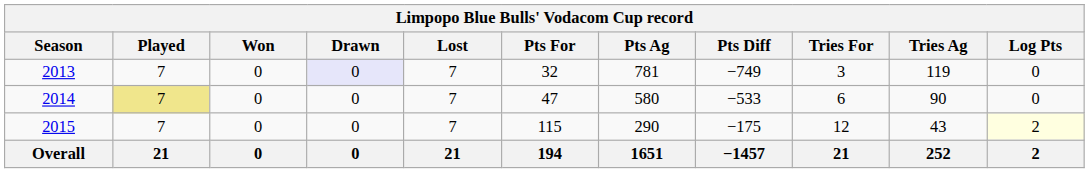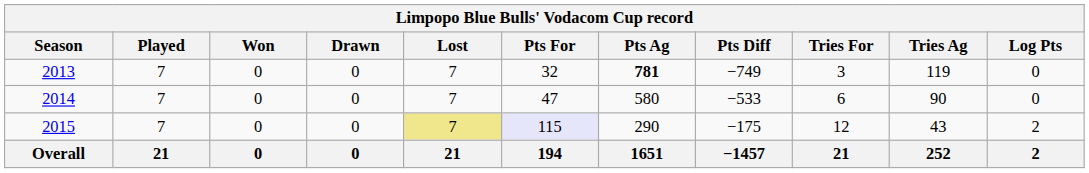 <table class="wikitable collapsible" style="text-align:center; font-size:90%; width:75%;">
 <tr>
 <th colspan=11>Limpopo Blue Bulls' Vodacom Cup record</th>
 </tr>
 <tr>
 <th style="width:10%;">Season</th>
 <th style="width:9%;">Played</th>
 <th style="width:9%;">Won</th>
 <th style="width:9%;">Drawn</th>
 <th style="width:9%;">Lost</th>
 <th style="width:9%;">Pts For</th>
 <th style="width:9%;">Pts Ag</th>
 <th style="width:9%;">Pts Diff</th>
 <th style="width:9%;">Tries For</th>
 <th style="width:9%;">Tries Ag</th>
 <th style="width:9%;">Log Pts</th>
 </tr>
 <tr>
 <td><a href='#'>2013</a></td>
 <td>7</td>
 <td>0</td>
-<td style="background: lavender;">0</td>
+<td>0</td>
 <td>7</td>
 <td>32</td>
-<td>781</td>
+<td><strong>781</strong></td>
 <td>−749</td>
 <td>3</td>
 <td>119</td>
 <td>0</td>
 </tr>
 <tr>
 <td><a href='#'>2014</a></td>
-<td style="background: khaki;">7</td>
+<td>7</td>
 <td>0</td>
 <td>0</td>
 <td>7</td>
 <td>47</td>
 <td>580</td>
 <td>−533</td>
 <td>6</td>
 <td>90</td>
 <td>0</td>
 </tr>
 <tr>
 <td><a href='#'>2015</a></td>
 <td>7</td>
 <td>0</td>
 <td>0</td>
-<td>7</td>
-<td>115</td>
+<td style="background: khaki;">7</td>
+<td style="background: lavender;">115</td>
 <td>290</td>
 <td>−175</td>
 <td>12</td>
 <td>43</td>
-<td style="background: lightyellow;">2</td>
+<td>2</td>
 </tr>
 <tr>
 <th>Overall</th>
 <th>21</th>
 <th>0</th>
 <th>0</th>
 <th>21</th>
 <th>194</th>
 <th>1651</th>
 <th>−1457</th>
 <th>21</th>
 <th>252</th>
 <th>2</th>
 </tr>
 </table>
